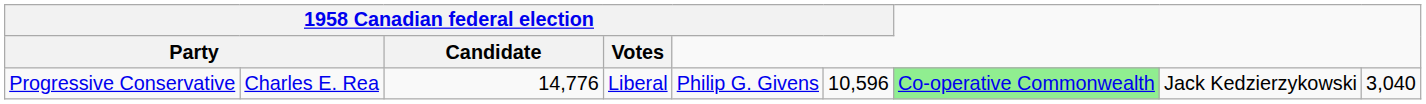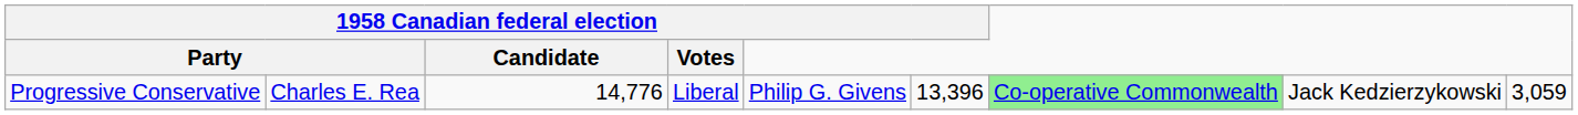 <table class="wikitable">
 <tr style="background:#e9e9e9;">
 <th colspan="6"><a href='#'>1958 Canadian federal election</a></th>
 </tr>
 <tr style="background:#e9e9e9;">
 <th colspan="2" style="width: 200px">Party</th>
 <th style="width: 170px">Candidate</th>
 <th style="width: 40px">Votes</th>
 </tr>
 <tr>
 <td><a href='#'>Progressive Conservative</a></td>
 <td><a href='#'>Charles E. Rea</a></td>
 <td align="right">14,776<br></td>
 <td><a href='#'>Liberal</a></td>
 <td><a href='#'>Philip G. Givens</a></td>
-<td align="right">10,596<br></td>
+<td align="right">13,396<br></td>
 <td style="background: lightgreen;"><a href='#'>Co-operative Commonwealth</a></td>
 <td>Jack Kedzierzykowski</td>
-<td align="right">3,040<br> </td>
+<td align="right">3,059<br> </td>
 </tr>
 </table>
